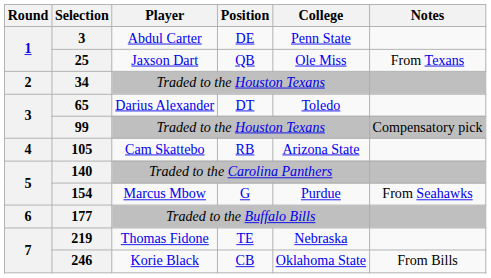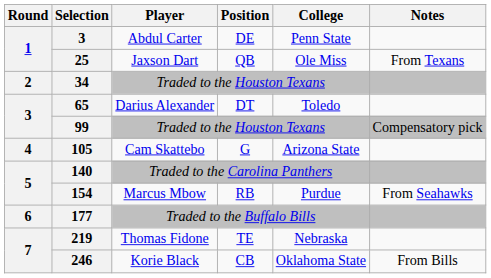 <table class="wikitable" style="text-align:center">
 <tr>
 <th>Round</th>
 <th>Selection</th>
 <th>Player</th>
 <th>Position</th>
 <th>College</th>
 <th>Notes</th>
 </tr>
 <tr>
 <th rowspan="2"><a href='#'>1</a></th>
 <th>3</th>
 <td><a href='#'>Abdul Carter</a></td>
 <td><a href='#'>DE</a></td>
 <td><a href='#'>Penn State</a></td>
 <td></td>
 </tr>
 <tr>
 <th>25</th>
 <td><a href='#'>Jaxson Dart</a></td>
 <td><a href='#'>QB</a></td>
 <td><a href='#'>Ole Miss</a></td>
 <td>From <a href='#'>Texans</a></td>
 </tr>
 <tr>
 <th>2</th>
 <th>34</th>
 <td colspan="3" style="background:#BFBFBF"><em>Traded to the <a href='#'>Houston Texans</a></em></td>
 <td style="background:#BFBFBF"></td>
 </tr>
 <tr John Greenhalgh    WR                Wesleyan>
 <th rowspan="2">3</th>
 <th>65</th>
 <td><a href='#'>Darius Alexander</a></td>
 <td><a href='#'>DT</a></td>
 <td><a href='#'>Toledo</a></td>
 <td></td>
 </tr>
 <tr>
 <th>99</th>
 <td colspan="3" style="background:#BFBFBF"><em>Traded to the <a href='#'>Houston Texans</a></em></td>
 <td style="background:#BFBFBF"> Compensatory pick</td>
 </tr>
 <tr>
 <th>4</th>
 <th>105</th>
 <td><a href='#'>Cam Skattebo</a></td>
-<td><a href='#'>RB</a></td>
+<td><a href='#'>G</a></td>
 <td><a href='#'>Arizona State</a></td>
 <td></td>
 </tr>
 <tr>
 <th rowspan="2">5</th>
 <th>140</th>
 <td colspan="3" style="background:#BFBFBF"><em>Traded to the <a href='#'>Carolina Panthers</a></em></td>
 <td style="background:#BFBFBF"></td>
 </tr>
 <tr>
 <th>154</th>
 <td><a href='#'>Marcus Mbow</a></td>
-<td><a href='#'>G</a></td>
+<td><a href='#'>RB</a></td>
 <td><a href='#'>Purdue</a></td>
 <td>From <a href='#'>Seahawks</a></td>
 </tr>
 <tr>
 <th>6</th>
 <th>177</th>
 <td colspan="3" style="background:#BFBFBF"><em>Traded to the <a href='#'>Buffalo Bills</a></em></td>
 <td style="background:#BFBFBF"></td>
 </tr>
 <tr>
 <th rowspan="2">7</th>
 <th>219</th>
 <td><a href='#'>Thomas Fidone</a></td>
 <td><a href='#'>TE</a></td>
 <td><a href='#'>Nebraska</a></td>
 <td></td>
 </tr>
 <tr>
 <th>246</th>
 <td><a href='#'>Korie Black</a></td>
 <td><a href='#'>CB</a></td>
 <td><a href='#'>Oklahoma State</a></td>
 <td>From Bills</td>
 </tr>
 </table>
